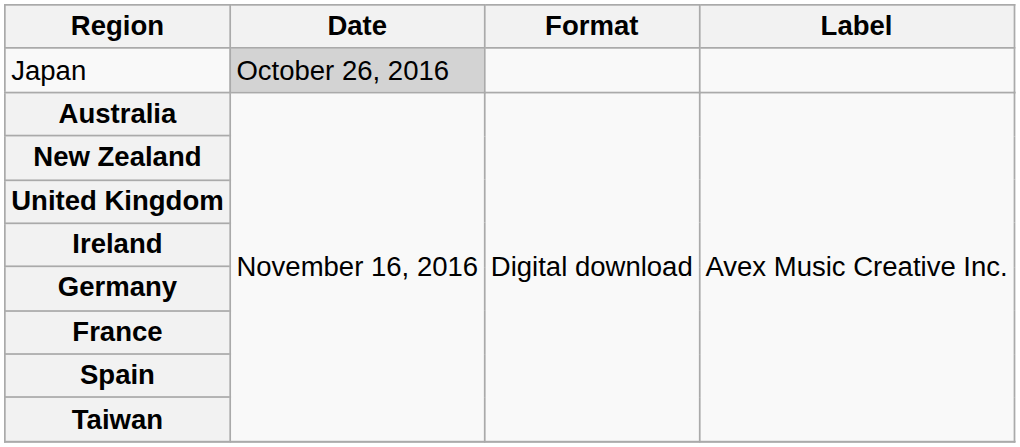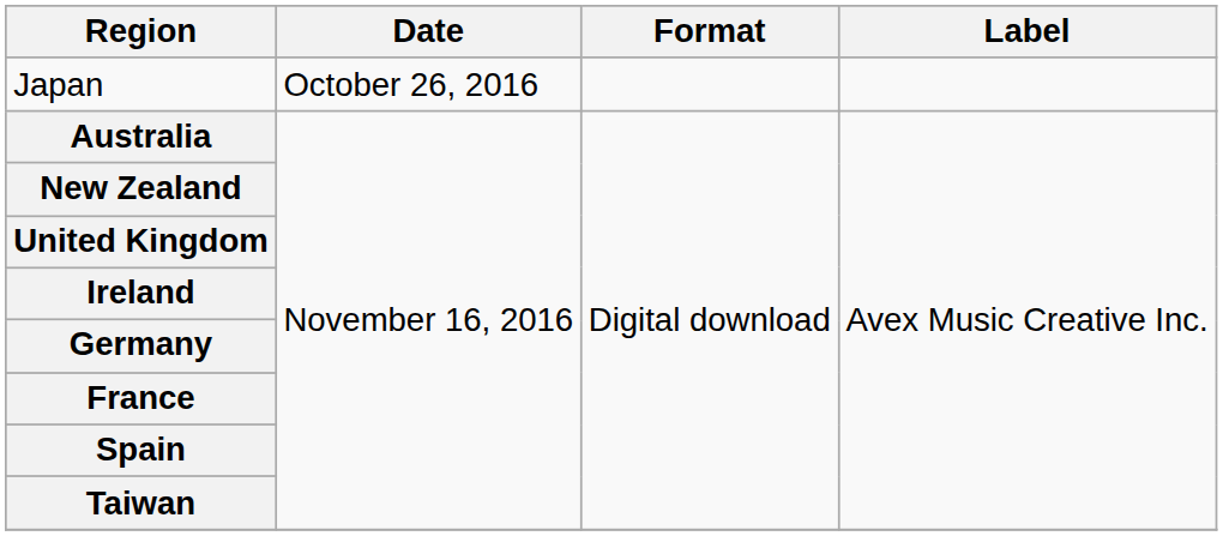 <table class="wikitable plainrowheaders">
 <tr>
 <th scope="col">Region</th>
 <th scope="col">Date</th>
 <th scope="col">Format</th>
 <th scope="col">Label</th>
 </tr>
 <tr>
 <td rowspan="2">Japan</td>
-<td style="background: lightgrey;">October 26, 2016</td>
+<td>October 26, 2016</td>
 <td></td>
 <td></td>
 </tr>
 <tr>
 <td rowspan="9">November 16, 2016</td>
 <td rowspan="9">Digital download</td>
 <td rowspan="9">Avex Music Creative Inc.</td>
 </tr>
 <tr>
 <th scope="row">Australia</th>
 </tr>
 <tr>
 <th scope="row">New Zealand</th>
 </tr>
 <tr>
 <th scope="row">United Kingdom</th>
 </tr>
 <tr>
 <th scope="row">Ireland</th>
 </tr>
 <tr>
 <th scope="row">Germany</th>
 </tr>
 <tr>
 <th scope="row">France</th>
 </tr>
 <tr>
 <th scope="row">Spain</th>
 </tr>
 <tr>
 <th scope="row">Taiwan</th>
 </tr>
 <tr>
 </tr>
 </table>
